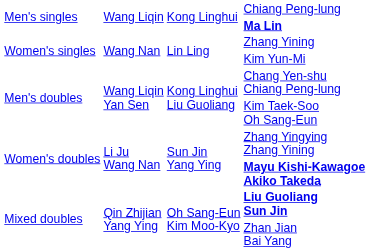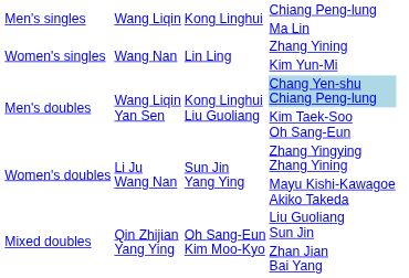 <table>
 <tr>
 <td rowspan=2><a href='#'>Men's singles</a></td>
 <td rowspan=2> <a href='#'>Wang Liqin</a></td>
 <td rowspan=2> <a href='#'>Kong Linghui</a></td>
 <td> <a href='#'>Chiang Peng-lung</a></td>
 </tr>
 <tr>
-<td><strong> <a href='#'>Ma Lin</a></strong></td>
+<td> <a href='#'>Ma Lin</a></td>
 </tr>
 <tr>
 <td rowspan=2><a href='#'>Women's singles</a></td>
 <td rowspan=2> <a href='#'>Wang Nan</a></td>
 <td rowspan=2> <a href='#'>Lin Ling</a></td>
 <td> <a href='#'>Zhang Yining</a></td>
 </tr>
 <tr>
 <td> <a href='#'>Kim Yun-Mi</a></td>
 </tr>
 <tr>
 <td rowspan=2><a href='#'>Men's doubles</a></td>
 <td rowspan=2> <a href='#'>Wang Liqin</a><br> <a href='#'>Yan Sen</a></td>
 <td rowspan=2> <a href='#'>Kong Linghui</a><br> <a href='#'>Liu Guoliang</a></td>
-<td> <a href='#'>Chang Yen-shu</a><br> <a href='#'>Chiang Peng-lung</a></td>
+<td style="background: lightblue;"> <a href='#'>Chang Yen-shu</a><br> <a href='#'>Chiang Peng-lung</a></td>
 </tr>
 <tr>
 <td> <a href='#'>Kim Taek-Soo</a><br> <a href='#'>Oh Sang-Eun</a></td>
 </tr>
 <tr>
 <td rowspan=2><a href='#'>Women's doubles</a></td>
 <td rowspan=2> <a href='#'>Li Ju</a><br> <a href='#'>Wang Nan</a></td>
 <td rowspan=2> <a href='#'>Sun Jin</a><br> <a href='#'>Yang Ying</a></td>
 <td> <a href='#'>Zhang Yingying</a><br> <a href='#'>Zhang Yining</a></td>
 </tr>
 <tr>
-<td><strong> <a href='#'>Mayu Kishi-Kawagoe</a><br> <a href='#'>Akiko Takeda</a></strong></td>
+<td> <a href='#'>Mayu Kishi-Kawagoe</a><br> <a href='#'>Akiko Takeda</a></td>
 </tr>
 <tr>
 <td rowspan=2><a href='#'>Mixed doubles</a></td>
 <td rowspan=2> <a href='#'>Qin Zhijian</a><br> <a href='#'>Yang Ying</a></td>
 <td rowspan=2> <a href='#'>Oh Sang-Eun</a><br> <a href='#'>Kim Moo-Kyo</a></td>
-<td><strong> <a href='#'>Liu Guoliang</a><br> <a href='#'>Sun Jin</a></strong></td>
+<td> <a href='#'>Liu Guoliang</a><br> <a href='#'>Sun Jin</a></td>
 </tr>
 <tr>
 <td> <a href='#'>Zhan Jian</a><br> <a href='#'>Bai Yang</a></td>
 </tr>
 </table>
